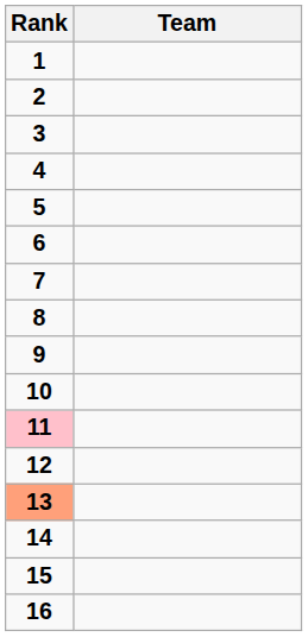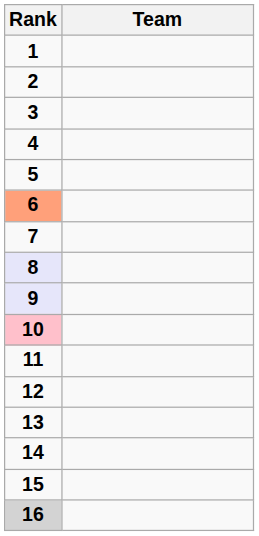 <table class="wikitable" style="text-align: center;">
 <tr>
 <th width="10">Rank</th>
 <th width="150">Team</th>
 </tr>
 <tr>
 <td><strong>1</strong></td>
 <td align="left"></td>
 </tr>
 <tr>
 <td><strong>2</strong></td>
 <td align="left"></td>
 </tr>
 <tr>
 <td><strong>3</strong></td>
 <td align="left"></td>
 </tr>
 <tr>
 <td><strong>4</strong></td>
 <td align="left"></td>
 </tr>
 <tr>
 <td><strong>5</strong></td>
 <td align="left"></td>
 </tr>
 <tr>
-<td><strong>6</strong></td>
+<td style="background: lightsalmon;"><strong>6</strong></td>
 <td align="left"></td>
 </tr>
 <tr>
 <td><strong>7</strong></td>
 <td align="left"></td>
 </tr>
 <tr>
-<td><strong>8</strong></td>
+<td style="background: lavender;"><strong>8</strong></td>
 <td align="left"></td>
 </tr>
 <tr>
-<td><strong>9</strong></td>
+<td style="background: lavender;"><strong>9</strong></td>
 <td align="left"></td>
 </tr>
 <tr>
-<td><strong>10</strong></td>
+<td style="background: pink;"><strong>10</strong></td>
 <td align="left"></td>
 </tr>
 <tr>
-<td style="background: pink;"><strong>11</strong></td>
+<td><strong>11</strong></td>
 <td align="left"></td>
 </tr>
 <tr>
 <td><strong>12</strong></td>
 <td align="left"></td>
 </tr>
 <tr>
-<td style="background: lightsalmon;"><strong>13</strong></td>
+<td><strong>13</strong></td>
 <td align="left"></td>
 </tr>
 <tr>
 <td><strong>14</strong></td>
 <td align="left"></td>
 </tr>
 <tr>
 <td><strong>15</strong></td>
 <td align="left"></td>
 </tr>
 <tr>
-<td><strong>16</strong></td>
+<td style="background: lightgrey;"><strong>16</strong></td>
 <td align="left"></td>
 </tr>
 </table>
